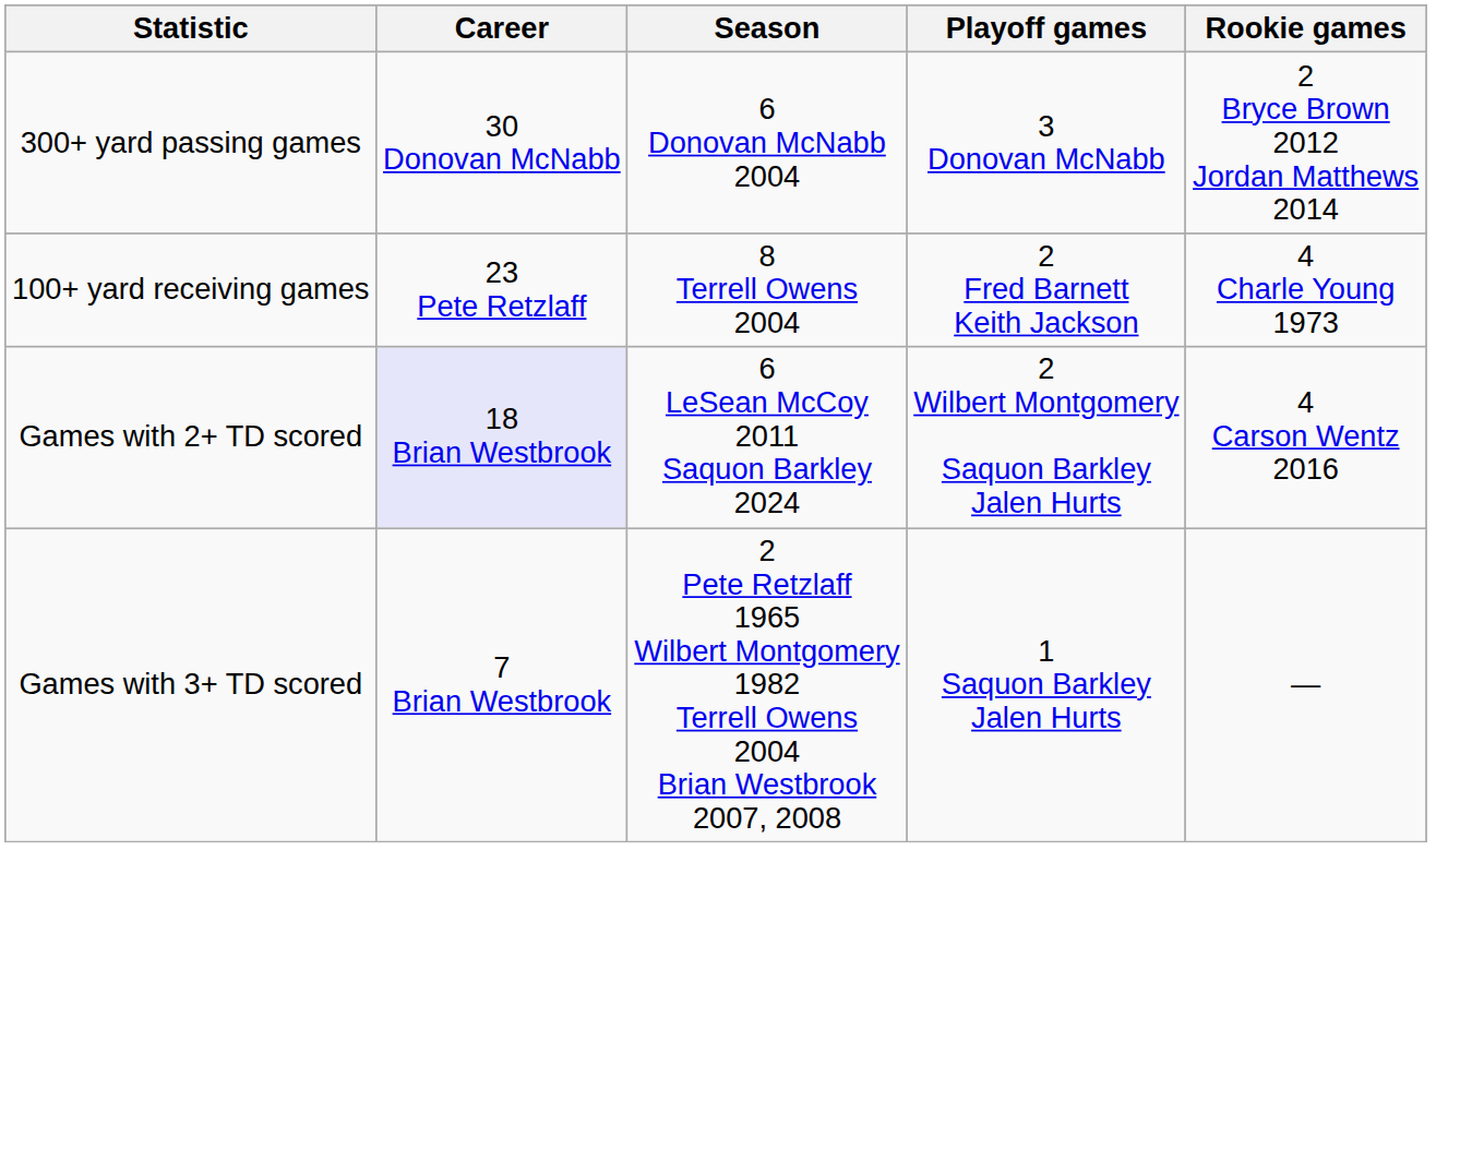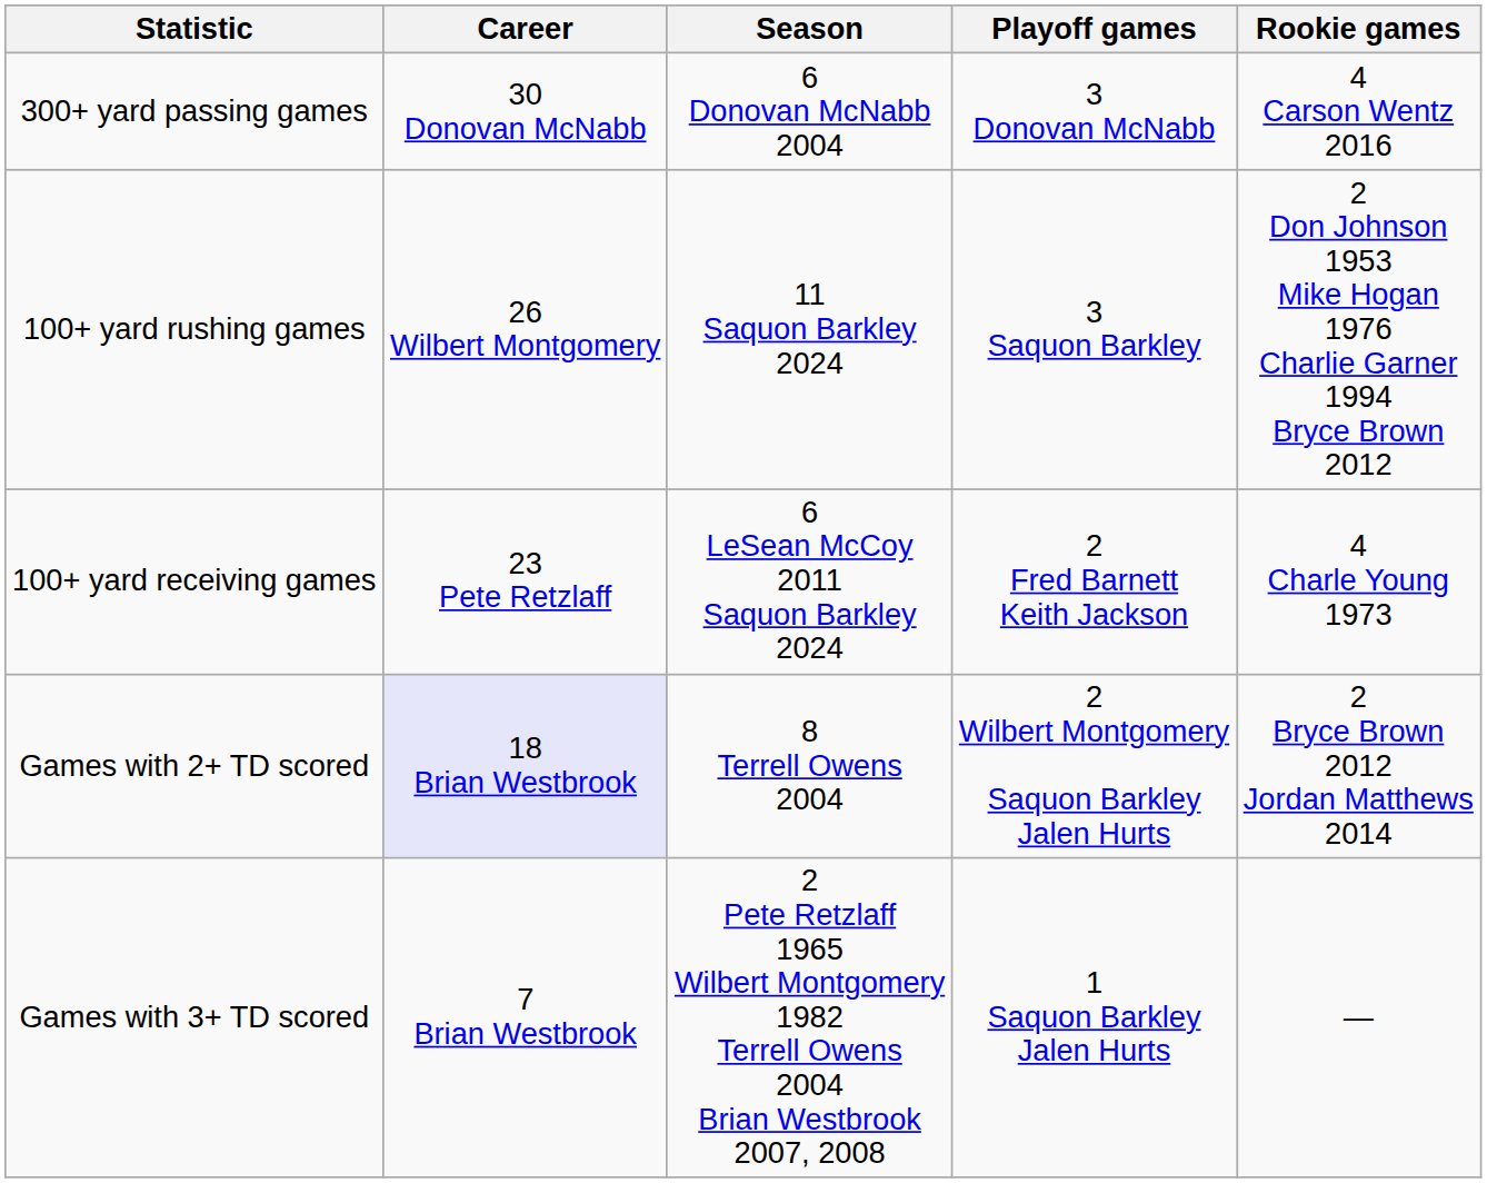 <table class="wikitable" style="text-align:center">
 <tr>
 <th>Statistic</th>
 <th>Career</th>
 <th>Season</th>
 <th>Playoff games</th>
 <th>Rookie games</th>
 </tr>
 <tr>
 <td>300+ yard passing games</td>
 <td>30<br><a href='#'>Donovan McNabb</a></td>
 <td>6<br><a href='#'>Donovan McNabb</a><br>2004</td>
 <td>3<br><a href='#'>Donovan McNabb</a></td>
-<td>2<br><a href='#'>Bryce Brown</a><br>2012<br><a href='#'>Jordan Matthews</a><br>2014</td>
+<td>4<br><a href='#'>Carson Wentz</a><br>2016</td>
+</tr>
+<tr>
+<td>100+ yard rushing games</td>
+<td>26<br><a href='#'>Wilbert Montgomery</a></td>
+<td>11<br><a href='#'>Saquon Barkley</a><br>2024</td>
+<td>3<br><a href='#'>Saquon Barkley</a></td>
+<td>2<br><a href='#'>Don Johnson</a><br>1953<br><a href='#'>Mike Hogan</a><br>1976<br><a href='#'>Charlie Garner</a><br>1994<br><a href='#'>Bryce Brown</a><br>2012</td>
 </tr>
 <tr>
 <td>100+ yard receiving games</td>
 <td>23<br><a href='#'>Pete Retzlaff</a></td>
-<td>8<br><a href='#'>Terrell Owens</a><br>2004</td>
+<td>6<br><a href='#'>LeSean McCoy</a><br> 2011<br><a href='#'>Saquon Barkley</a> <br>2024</td>
 <td>2<br><a href='#'>Fred Barnett</a><br><a href='#'>Keith Jackson</a></td>
 <td>4<br><a href='#'>Charle Young</a><br>1973</td>
 </tr>
 <tr>
 <td>Games with 2+ TD scored</td>
 <td style="background: lavender;">18<br><a href='#'>Brian Westbrook</a></td>
-<td>6<br><a href='#'>LeSean McCoy</a><br> 2011<br><a href='#'>Saquon Barkley</a> <br>2024</td>
+<td>8<br><a href='#'>Terrell Owens</a><br>2004</td>
 <td>2<br><a href='#'>Wilbert Montgomery</a><br><br><a href='#'>Saquon Barkley</a><br> <a href='#'>Jalen Hurts</a></td>
-<td>4<br><a href='#'>Carson Wentz</a><br>2016</td>
+<td>2<br><a href='#'>Bryce Brown</a><br>2012<br><a href='#'>Jordan Matthews</a><br>2014</td>
 </tr>
 <tr>
 <td>Games with 3+ TD scored</td>
 <td>7<br><a href='#'>Brian Westbrook</a></td>
 <td>2<br><a href='#'>Pete Retzlaff</a><br>1965<br><a href='#'>Wilbert Montgomery</a><br>1982<br><a href='#'>Terrell Owens</a><br>2004<br><a href='#'>Brian Westbrook</a><br>2007, 2008</td>
 <td>1<br><a href='#'>Saquon Barkley</a><br><a href='#'>Jalen Hurts</a></td>
 <td>—</td>
 </tr>
 </table>
